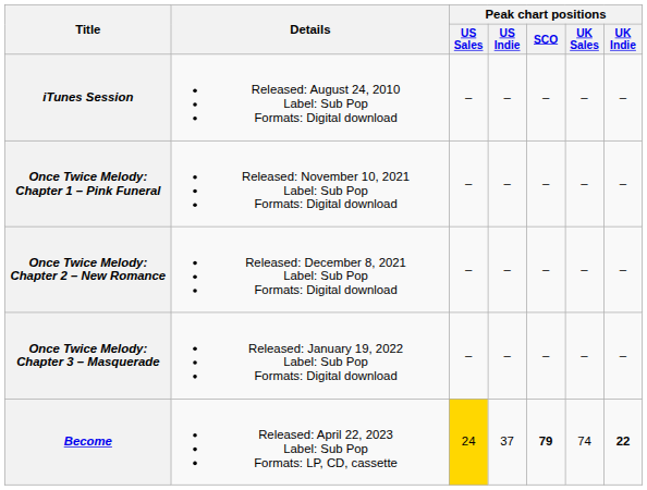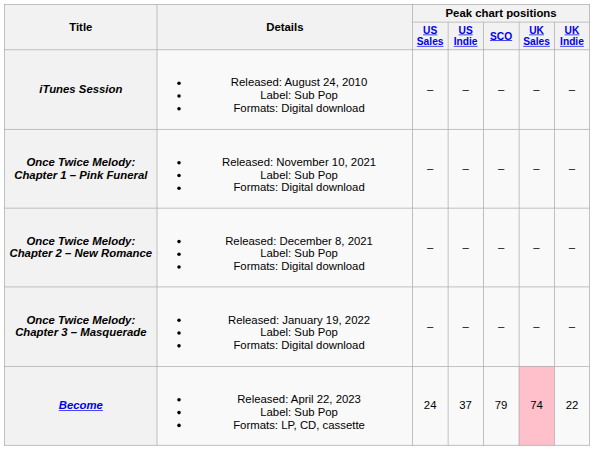 <table class="wikitable plainrowheaders" style="text-align:center;">
 <tr>
 <th scope="col" rowspan="2" style="width:13em;">Title</th>
 <th scope="col" rowspan="2" style="width:22em;">Details</th>
 <th scope="col" colspan="5">Peak chart positions</th>
 </tr>
 <tr>
 <th scope="col" style="width:3em;font-size:90%;"><a href='#'>US<br>Sales</a><br></th>
 <th scope="col" style="width:3em;font-size:90%;"><a href='#'>US<br>Indie</a><br></th>
 <th scope="col" style="width:3em;font-size:90%;"><a href='#'>SCO</a><br></th>
 <th scope="col" style="width:3em;font-size:90%;"><a href='#'>UK<br>Sales</a><br></th>
 <th scope="col" style="width:3em;font-size:90%;"><a href='#'>UK<br>Indie</a><br></th>
 </tr>
 <tr>
 <th scope="row"><em>iTunes Session</em></th>
 <td><br><ul><li>Released: August 24, 2010</li><li>Label: Sub Pop</li><li>Formats: Digital download</li></ul></td>
 <td>–</td>
 <td>–</td>
 <td>–</td>
 <td>–</td>
 <td>–</td>
 </tr>
 <tr>
 <th scope="row"><em>Once Twice Melody: Chapter 1 – Pink Funeral</em></th>
 <td><br><ul><li>Released: November 10, 2021</li><li>Label: Sub Pop</li><li>Formats: Digital download</li></ul></td>
 <td>–</td>
 <td>–</td>
 <td>–</td>
 <td>–</td>
 <td>–</td>
 </tr>
 <tr>
 <th scope="row"><em>Once Twice Melody: Chapter 2 – New Romance</em></th>
 <td><br><ul><li>Released: December 8, 2021</li><li>Label: Sub Pop</li><li>Formats: Digital download</li></ul></td>
 <td>–</td>
 <td>–</td>
 <td>–</td>
 <td>–</td>
 <td>–</td>
 </tr>
 <tr>
 <th scope="row"><em>Once Twice Melody: Chapter 3 – Masquerade</em></th>
 <td><br><ul><li>Released: January 19, 2022</li><li>Label: Sub Pop</li><li>Formats: Digital download</li></ul></td>
 <td>–</td>
 <td>–</td>
 <td>–</td>
 <td>–</td>
 <td>–</td>
 </tr>
 <tr>
 <th scope="row"><em><a href='#'>Become</a></em></th>
 <td><br><ul><li>Released: April 22, 2023</li><li>Label: Sub Pop</li><li>Formats: LP, CD, cassette</li></ul></td>
-<td style="background: gold;">24</td>
+<td>24</td>
 <td>37</td>
-<td><strong>79</strong></td>
-<td>74</td>
-<td><strong>22</strong></td>
+<td>79</td>
+<td style="background: pink;">74</td>
+<td>22</td>
 </tr>
 </table>
